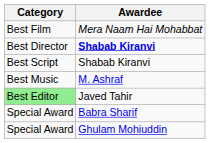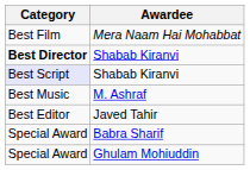 <table class="wikitable">
 <tr>
 <th>Category</th>
 <th>Awardee</th>
 </tr>
 <tr>
 <td>Best Film</td>
 <td><em>Mera Naam Hai Mohabbat</em></td>
 </tr>
 <tr>
-<td>Best Director</td>
-<td><strong><a href='#'>Shabab Kiranvi</a></strong></td>
+<td><strong>Best Director</strong></td>
+<td><a href='#'>Shabab Kiranvi</a></td>
 </tr>
 <tr>
-<td>Best Script</td>
+<td style="background: lavender;">Best Script</td>
 <td>Shabab Kiranvi</td>
 </tr>
 <tr>
 <td>Best Music</td>
 <td><a href='#'>M. Ashraf</a></td>
 </tr>
 <tr>
-<td style="background: lightgreen;">Best Editor</td>
+<td>Best Editor</td>
 <td>Javed Tahir</td>
 </tr>
 <tr>
 <td>Special Award</td>
 <td><a href='#'>Babra Sharif</a></td>
 </tr>
 <tr>
 <td>Special Award</td>
 <td><a href='#'>Ghulam Mohiuddin</a></td>
 </tr>
 </table>
